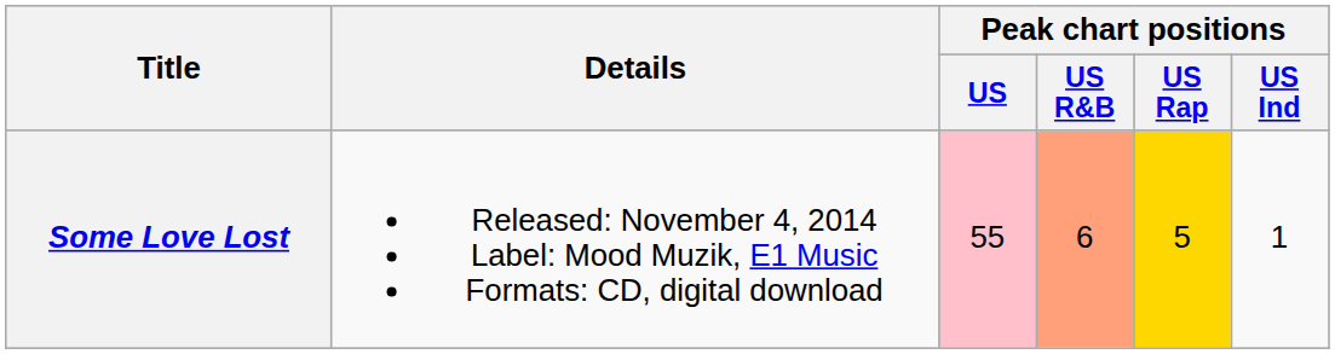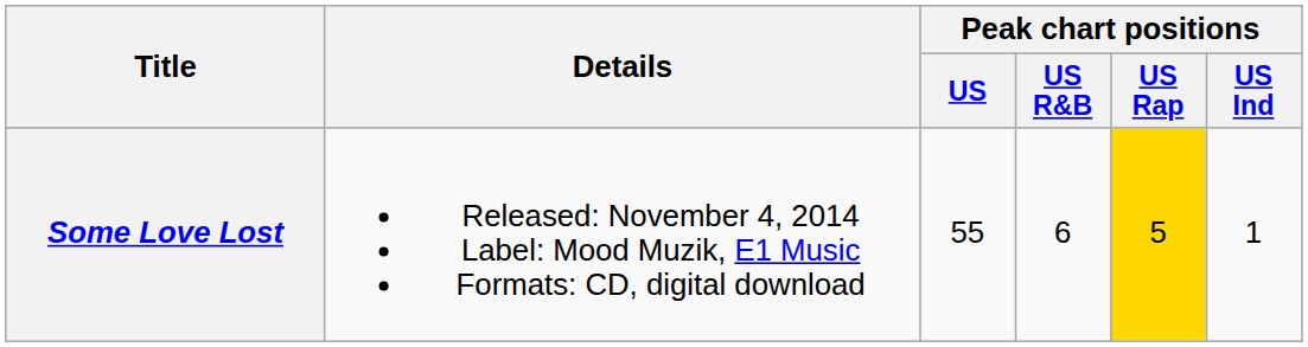 <table class="wikitable plainrowheaders" style="text-align:center;">
 <tr>
 <th scope="col" rowspan="2" style="width:10em;">Title</th>
 <th scope="col" rowspan="2" style="width:19em;">Details</th>
 <th scope="col" colspan="5">Peak chart positions</th>
 </tr>
 <tr>
 <th scope="col" style="width:3em;font-size:90%;"><a href='#'>US</a><br></th>
 <th scope="col" style="width:3em;font-size:90%;"><a href='#'>US R&B</a><br></th>
 <th scope="col" style="width:3em;font-size:90%;"><a href='#'>US<br>Rap</a><br></th>
 <th scope="col" style="width:3em;font-size:90%;"><a href='#'>US<br>Ind</a><br></th>
 </tr>
 <tr>
 <th scope="row"><em><a href='#'>Some Love Lost</a></em></th>
 <td><br><ul><li>Released: November 4, 2014</li><li>Label: Mood Muzik, <a href='#'>E1 Music</a></li><li>Formats: CD, digital download</li></ul></td>
-<td style="background: pink;">55</td>
-<td style="background: lightsalmon;">6</td>
+<td>55</td>
+<td>6</td>
 <td style="background: gold;">5</td>
 <td>1</td>
 </tr>
 </table>
